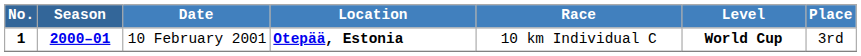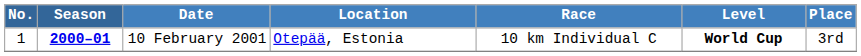 <table class="wikitable sortable" style="font-size:95%; text-align:center; border:grey solid 1px; border-collapse:collapse; background:#ffffff;">
 <tr style="background:#efefef;">
 <th style="background-color:#369; color:white;">No.</th>
 <th style="background-color:#369; color:white;">Season</th>
 <th style="background-color:#4180be; color:white; width:120px;">Date</th>
 <th style="background-color:#4180be; color:white; width:170px;">Location</th>
 <th style="background-color:#4180be; color:white; width:170px;">Race</th>
 <th style="background-color:#4180be; color:white; width:100px;">Level</th>
 <th style="background-color:#4180be; color:white;">Place</th>
 </tr>
 <tr>
-<td align=center><strong>1</strong></td>
+<td align=center>1</td>
 <td rowspan=1 align=center><strong> <a href='#'>2000–01</a> </strong></td>
 <td align=right>10 February 2001</td>
-<td align=left><strong> <a href='#'>Otepää</a>, Estonia</strong></td>
+<td align=left> <a href='#'>Otepää</a>, Estonia</td>
 <td>10 km Individual C</td>
 <td><strong>World Cup</strong></td>
 <td>3rd</td>
 </tr>
 <tr>
 </tr>
 </table>
